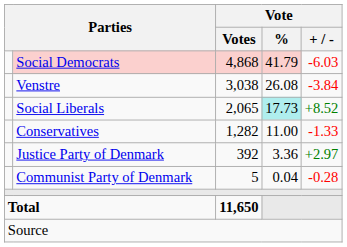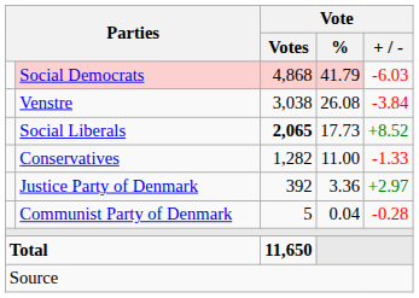 <table class="wikitable" style="text-align:right;">
 <tr>
 <th style="text-align:centre;" rowspan="2" colspan="2" width="225">Parties</th>
 <th colspan="3">Vote</th>
 </tr>
 <tr>
 <th width="15">Votes</th>
 <th width="15">%</th>
 <th width="15">+ / -</th>
 </tr>
 <tr>
 <td width="2" style="color:inherit;background:"></td>
 <td bgcolor=#fbd0ce  align="left"><a href='#'>Social Democrats</a></td>
 <td bgcolor=#fbd0ce>4,868</td>
 <td bgcolor=#fbd0ce>41.79</td>
 <td style=color:red;>-6.03</td>
 </tr>
 <tr>
 <td width="2" style="color:inherit;background:"></td>
 <td align="left"><a href='#'>Venstre</a></td>
 <td>3,038</td>
 <td>26.08</td>
 <td style=color:red;>-3.84</td>
 </tr>
 <tr>
 <td width="2" style="color:inherit;background:"></td>
 <td align="left"><a href='#'>Social Liberals</a></td>
-<td>2,065</td>
-<td style="background: paleturquoise;">17.73</td>
+<td><strong>2,065</strong></td>
+<td>17.73</td>
 <td style=color:green;>+8.52</td>
 </tr>
 <tr>
 <td width="2" style="color:inherit;background:"></td>
 <td align="left"><a href='#'>Conservatives</a></td>
 <td>1,282</td>
 <td>11.00</td>
 <td style=color:red;>-1.33</td>
 </tr>
 <tr>
 <td width="2" style="color:inherit;background:"></td>
 <td align="left"><a href='#'>Justice Party of Denmark</a></td>
 <td>392</td>
 <td>3.36</td>
 <td style=color:green;>+2.97</td>
 </tr>
 <tr>
 <td width="2" style="color:inherit;background:"></td>
 <td align="left"><a href='#'>Communist Party of Denmark</a></td>
 <td>5</td>
 <td>0.04</td>
 <td style=color:red;>-0.28</td>
 </tr>
 <tr>
 <td colspan="7" bgcolor="#E9E9E9"></td>
 </tr>
 <tr>
 <td align="left" colspan="2"><strong>Total</strong></td>
 <td><strong>11,650</strong></td>
 <td bgcolor="#E9E9E9" colspan="2"></td>
 </tr>
 <tr>
 <td align="left" colspan="6">Source</td>
 </tr>
 </table>
